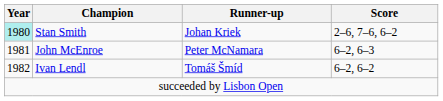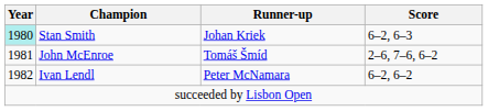 <table class="wikitable">
 <tr>
 <th>Year</th>
 <th width="200">Champion</th>
 <th width="200">Runner-up</th>
 <th width="140">Score</th>
 </tr>
 <tr>
 <td style="background: paleturquoise;">1980</td>
 <td>  <a href='#'>Stan Smith</a></td>
 <td> <a href='#'>Johan Kriek</a></td>
-<td>2–6, 7–6, 6–2</td>
+<td>6–2, 6–3</td>
 </tr>
 <tr>
 <td>1981</td>
 <td>  <a href='#'>John McEnroe</a></td>
-<td> <a href='#'>Peter McNamara</a></td>
-<td>6–2, 6–3</td>
+<td> <a href='#'>Tomáš Šmíd</a></td>
+<td>2–6, 7–6, 6–2</td>
 </tr>
 <tr>
 <td>1982</td>
 <td>  <a href='#'>Ivan Lendl</a></td>
-<td> <a href='#'>Tomáš Šmíd</a></td>
+<td> <a href='#'>Peter McNamara</a></td>
 <td>6–2, 6–2</td>
 </tr>
 <tr>
 <td colspan="4" align="center">succeeded by <a href='#'>Lisbon Open</a></td>
 </tr>
 </table>
